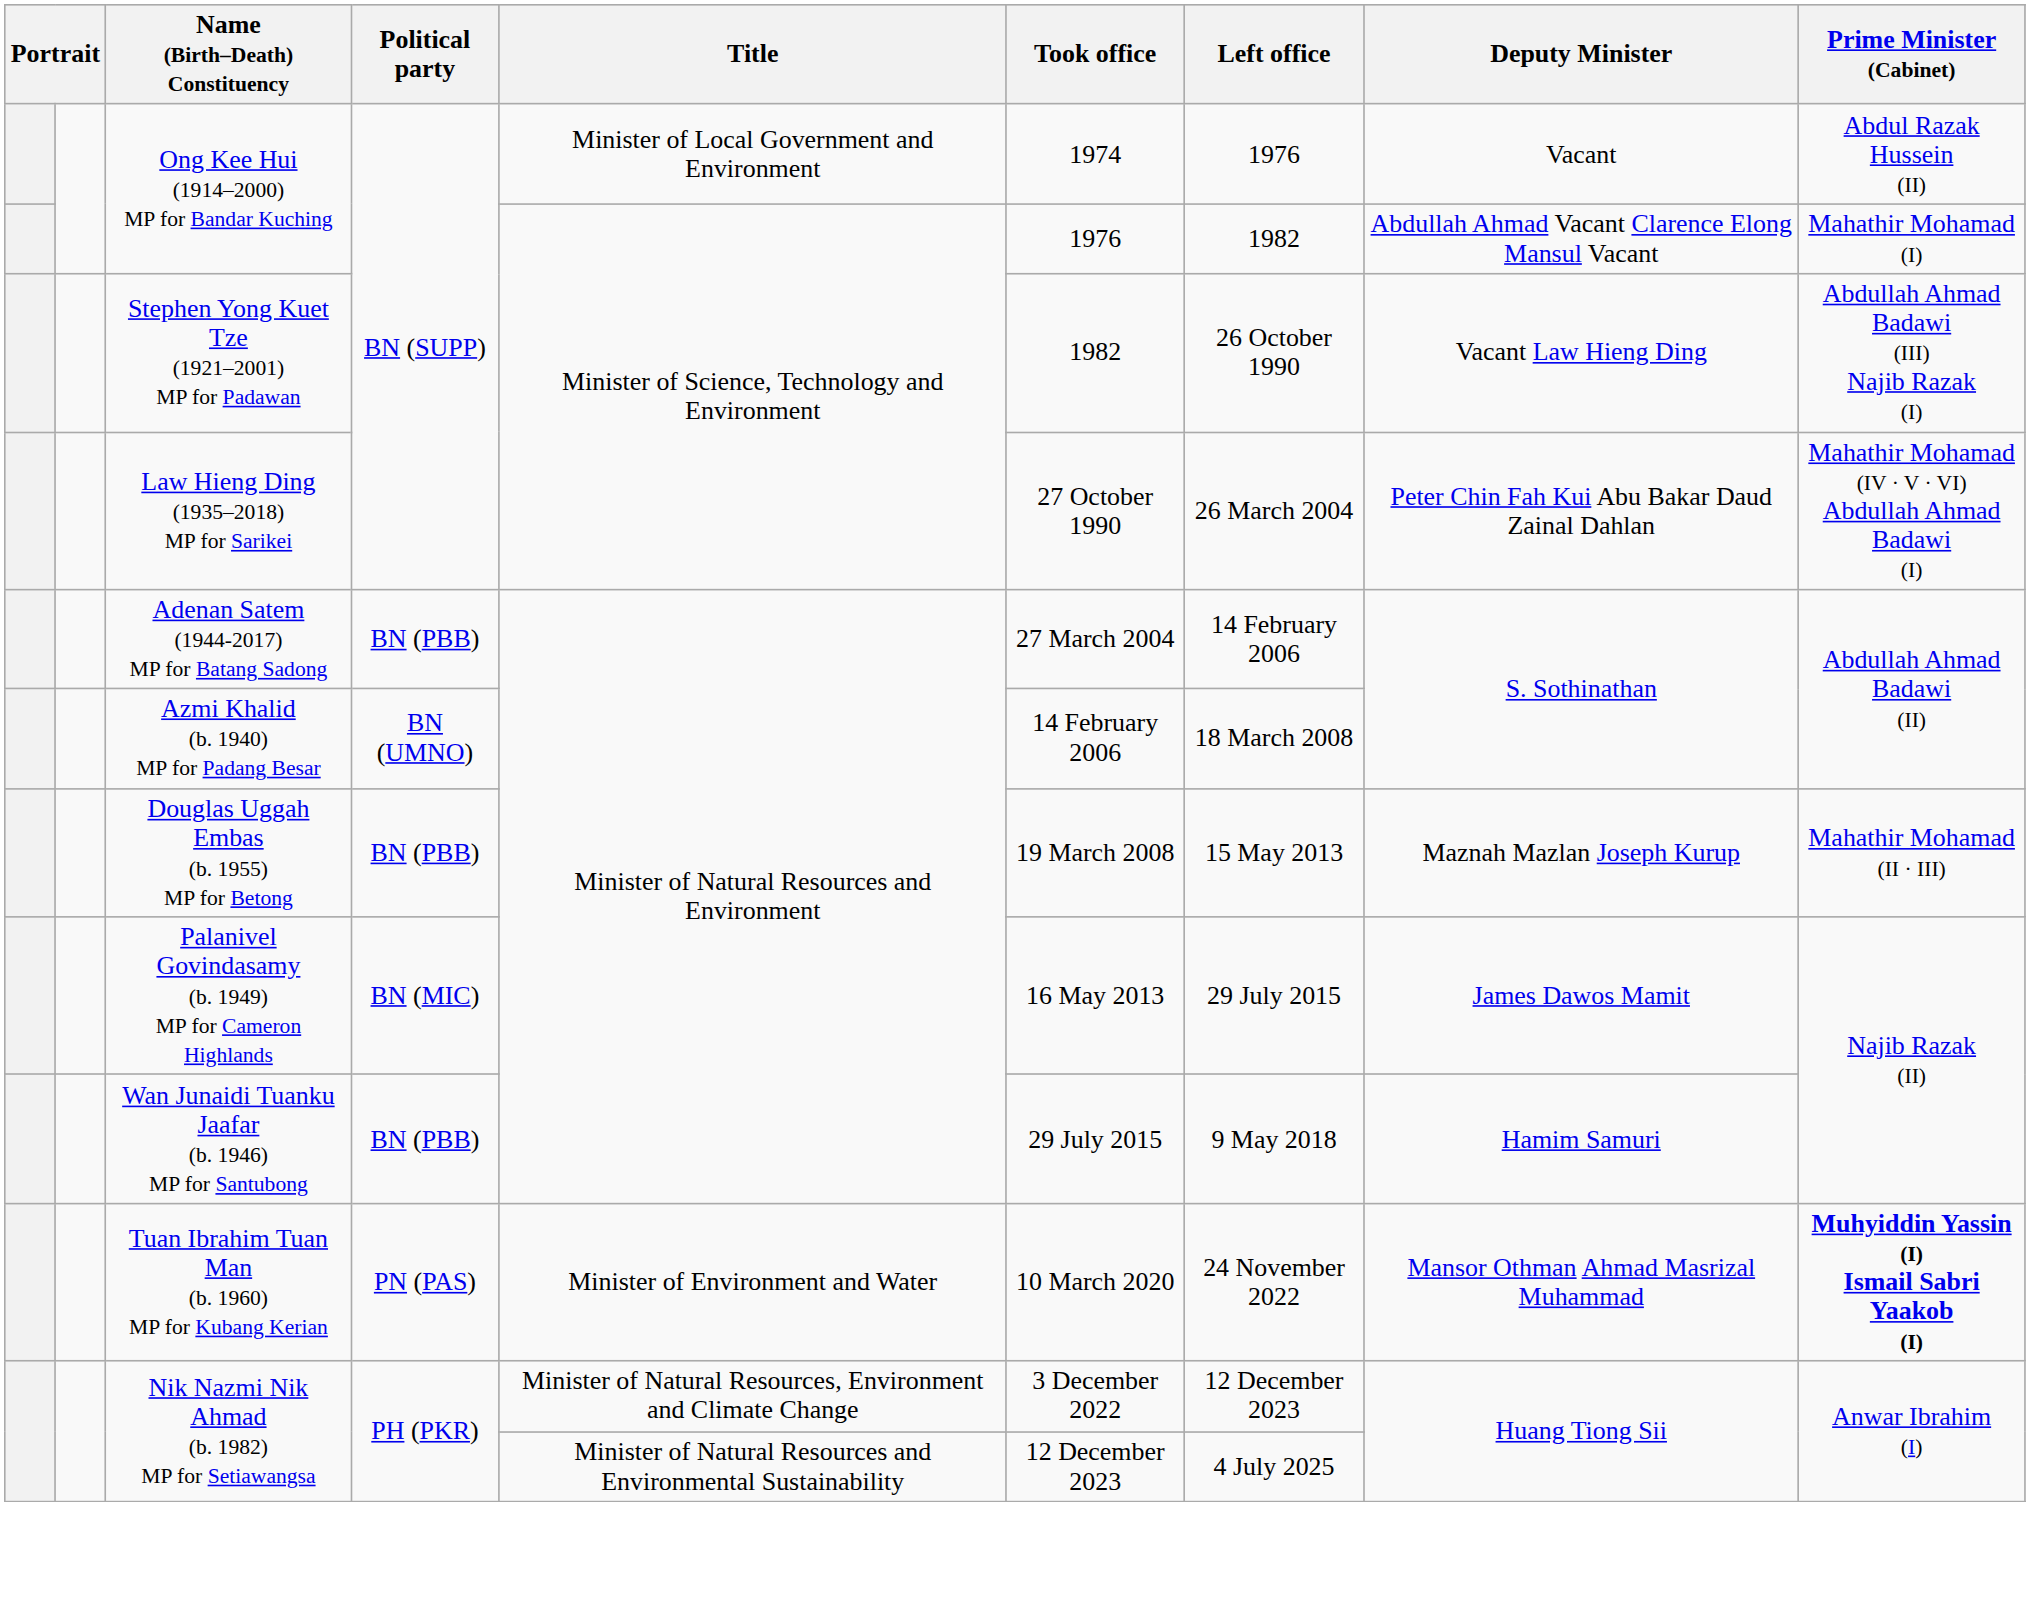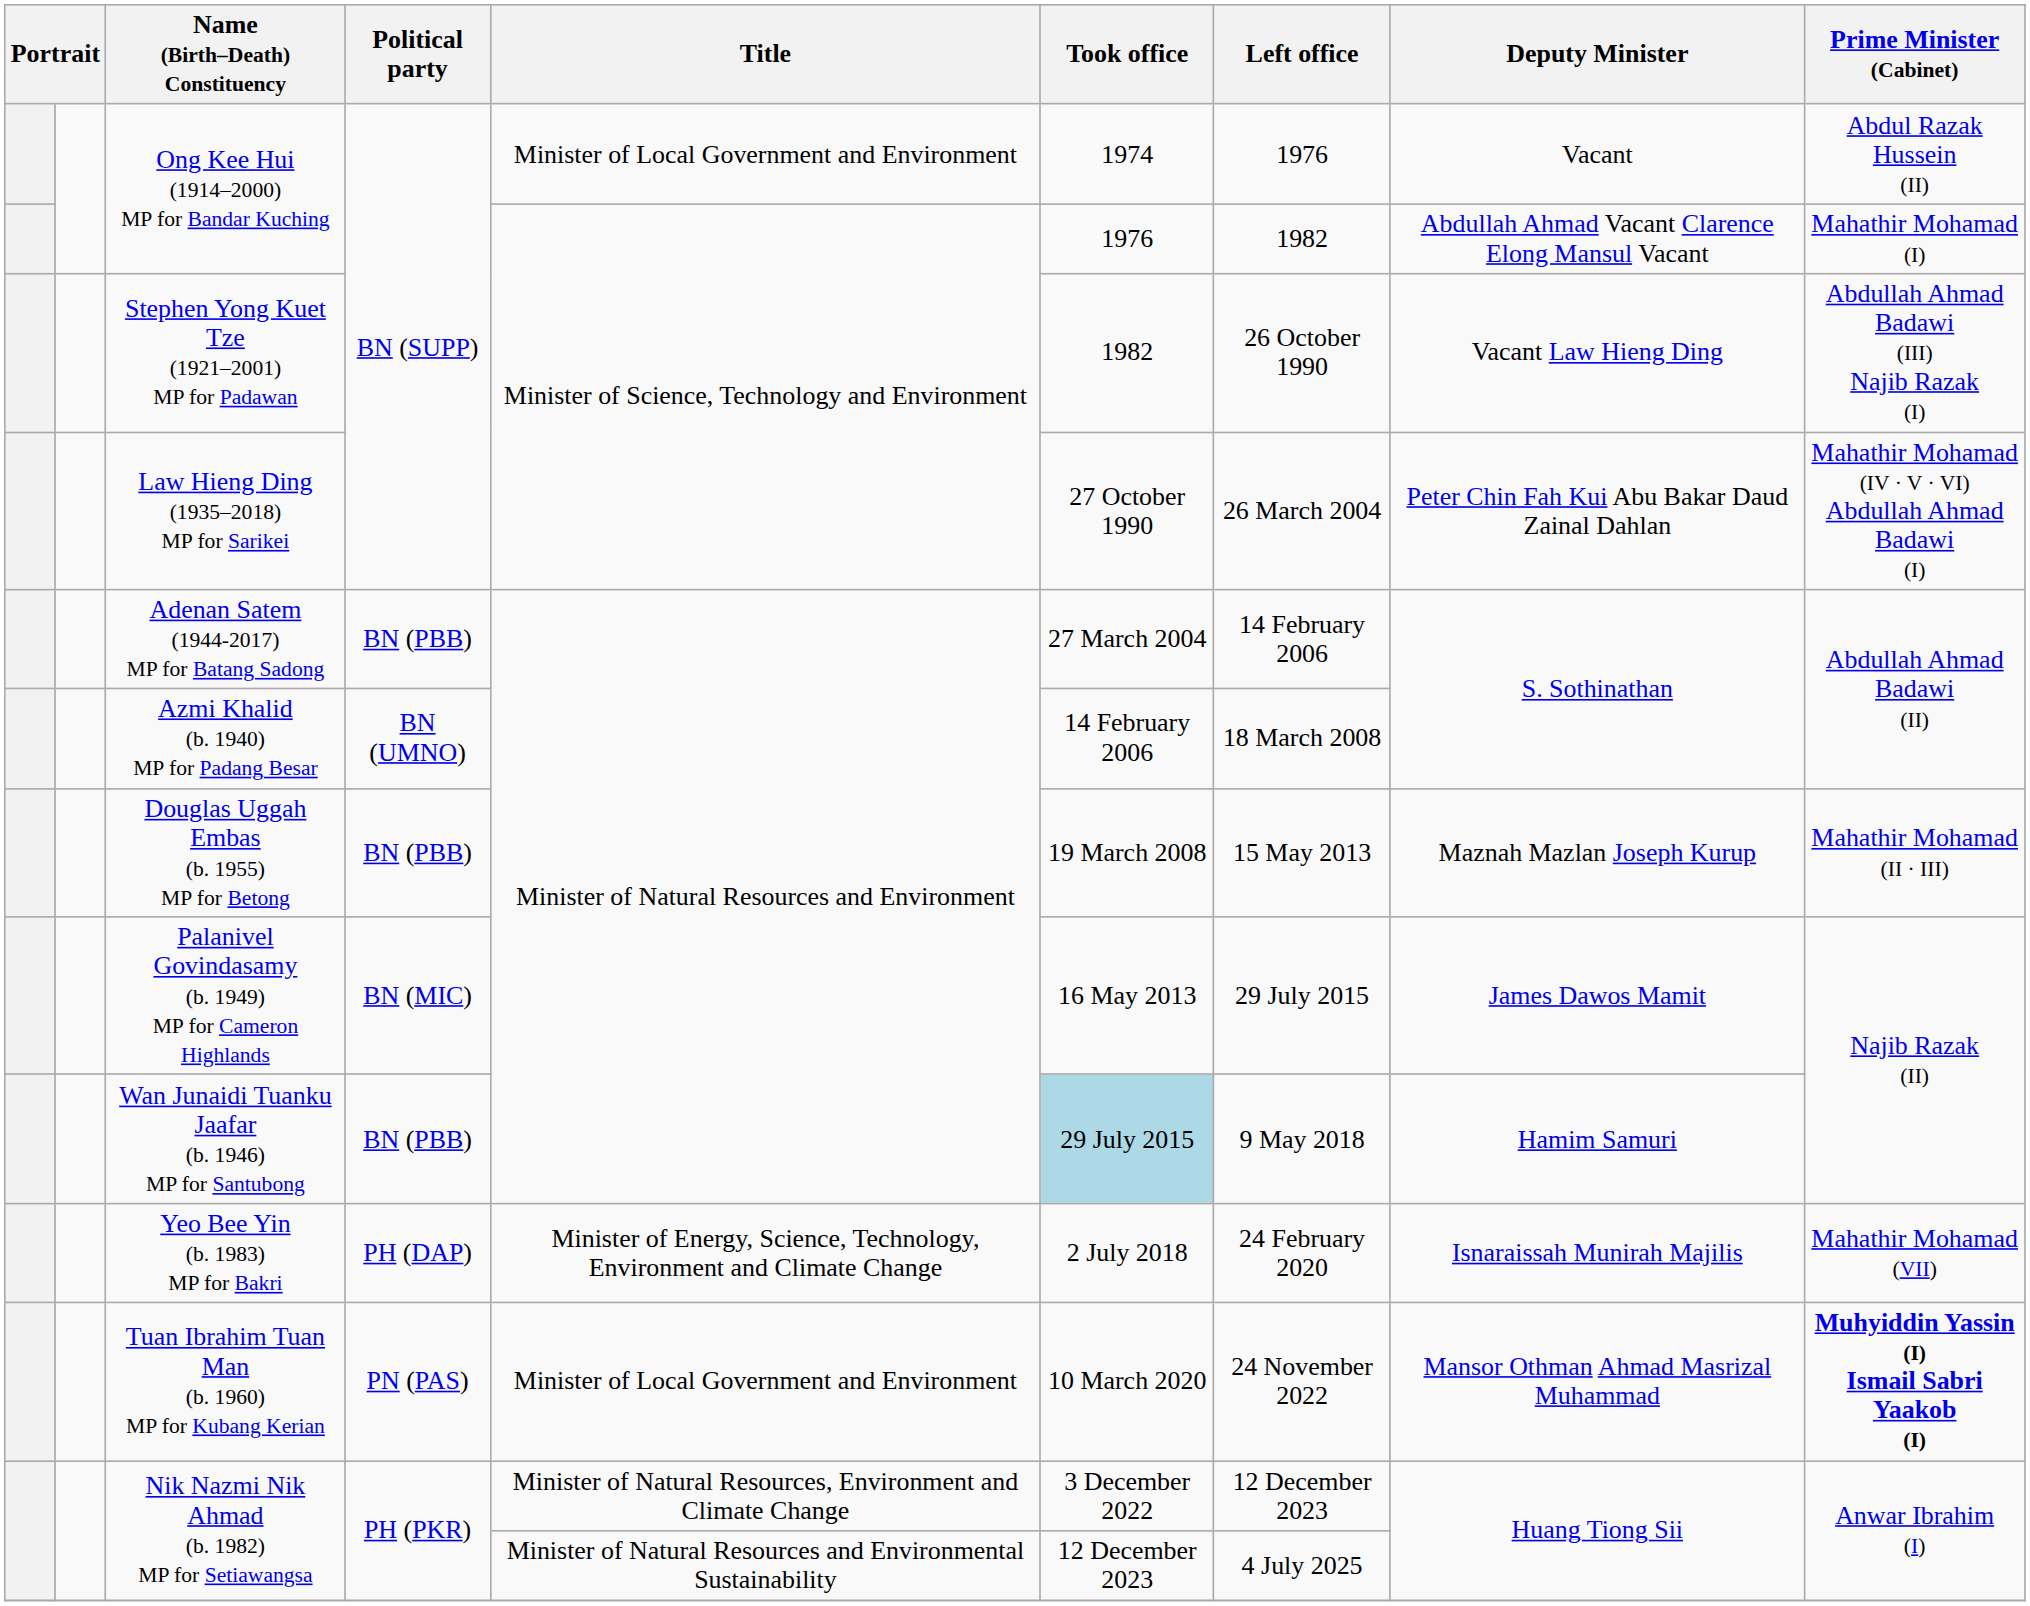 <table class="wikitable" style="text-align:center;">
 <tr>
 <th colspan=2>Portrait</th>
 <th>Name<br><small>(Birth–Death)<br>Constituency</small></th>
 <th>Political party</th>
 <th>Title</th>
 <th>Took office</th>
 <th>Left office</th>
 <th>Deputy Minister</th>
 <th><a href='#'>Prime Minister</a><br><small>(Cabinet)</small></th>
 </tr>
 <tr>
 <th style="background:"></th>
 <td rowspan=2></td>
 <td rowspan=2><a href='#'>Ong Kee Hui</a><br><small>(1914–2000)<br>MP for <a href='#'>Bandar Kuching</a></small></td>
 <td rowspan=4><a href='#'>BN</a> (<a href='#'>SUPP</a>)</td>
 <td>Minister of Local Government and Environment</td>
 <td>1974</td>
 <td>1976</td>
 <td>Vacant</td>
 <td><a href='#'>Abdul Razak Hussein</a><br><small>(II)</small></td>
 </tr>
 <tr>
 <th style="background:"></th>
 <td rowspan=3>Minister of Science, Technology and Environment</td>
 <td>1976</td>
 <td>1982</td>
 <td><a href='#'>Abdullah Ahmad</a>  Vacant  <a href='#'>Clarence Elong Mansul</a>  Vacant </td>
 <td><a href='#'>Mahathir Mohamad</a><br><small>(I)</small></td>
 </tr>
 <tr>
 <th style="background:"></th>
 <td></td>
 <td><a href='#'>Stephen Yong Kuet Tze</a><br><small>(1921–2001)<br>MP for <a href='#'>Padawan</a></small></td>
 <td>1982</td>
 <td>26 October 1990</td>
 <td>Vacant   <a href='#'>Law Hieng Ding</a> </td>
 <td><a href='#'>Abdullah Ahmad Badawi</a><br><small>(III)</small><br><a href='#'>Najib Razak</a><br><small>(I)</small></td>
 </tr>
 <tr>
 <th style="background:"></th>
 <td></td>
 <td><a href='#'>Law Hieng Ding</a><br><small>(1935–2018)<br>MP for <a href='#'>Sarikei</a></small></td>
 <td>27 October 1990</td>
 <td>26 March 2004</td>
 <td><a href='#'>Peter Chin Fah Kui</a>   Abu Bakar Daud  Zainal Dahlan </td>
 <td><a href='#'>Mahathir Mohamad</a><br><small>(IV · V · VI)</small><br><a href='#'>Abdullah Ahmad Badawi</a><br><small>(I)</small></td>
 </tr>
 <tr>
 <th style="background:"></th>
 <td></td>
 <td><a href='#'>Adenan Satem</a><br><small>(1944-2017)<br>MP for <a href='#'>Batang Sadong</a></small></td>
 <td><a href='#'>BN</a> (<a href='#'>PBB</a>)</td>
 <td rowspan=5>Minister of Natural Resources and Environment</td>
 <td>27 March 2004</td>
 <td>14 February 2006</td>
 <td rowspan="2"><a href='#'>S. Sothinathan</a></td>
 <td rowspan="2"><a href='#'>Abdullah Ahmad Badawi</a><br><small>(II)</small></td>
 </tr>
 <tr>
 <th style="background:"></th>
 <td></td>
 <td><a href='#'>Azmi Khalid</a><br><small>(b. 1940)<br>MP for <a href='#'>Padang Besar</a></small></td>
 <td><a href='#'>BN</a> (<a href='#'>UMNO</a>)</td>
 <td>14 February 2006</td>
 <td>18 March 2008</td>
 </tr>
 <tr>
 <th style="background:"></th>
 <td></td>
 <td><a href='#'>Douglas Uggah Embas</a><br><small>(b. 1955)<br>MP for <a href='#'>Betong</a></small></td>
 <td><a href='#'>BN</a> (<a href='#'>PBB</a>)</td>
 <td>19 March 2008</td>
 <td>15 May 2013</td>
 <td>Maznah Mazlan  <a href='#'>Joseph Kurup</a> </td>
 <td><a href='#'>Mahathir Mohamad</a><br><small>(II · III)</small></td>
 </tr>
 <tr>
 <th style="background:"></th>
 <td></td>
 <td><a href='#'>Palanivel Govindasamy</a><br><small>(b. 1949)<br>MP for <a href='#'>Cameron Highlands</a></small></td>
 <td><a href='#'>BN</a> (<a href='#'>MIC</a>)</td>
 <td>16 May 2013</td>
 <td>29 July 2015</td>
 <td><a href='#'>James Dawos Mamit</a></td>
 <td rowspan="2"><a href='#'>Najib Razak</a><br><small>(II)</small></td>
 </tr>
 <tr>
 <th style="background:"></th>
 <td></td>
 <td><a href='#'>Wan Junaidi Tuanku Jaafar</a><br><small>(b. 1946)<br>MP for <a href='#'>Santubong</a></small></td>
 <td><a href='#'>BN</a> (<a href='#'>PBB</a>)</td>
-<td>29 July 2015</td>
+<td style="background: lightblue;">29 July 2015</td>
 <td>9 May 2018</td>
 <td><a href='#'>Hamim Samuri</a></td>
 </tr>
 <tr>
 <th style="background:"></th>
 <td></td>
+<td><a href='#'>Yeo Bee Yin</a><br><small>(b. 1983)<br>MP for <a href='#'>Bakri</a></small></td>
+<td><a href='#'>PH</a> (<a href='#'>DAP</a>)</td>
+<td>Minister of Energy, Science, Technology, Environment and Climate Change</td>
+<td>2 July 2018</td>
+<td>24 February 2020</td>
+<td><a href='#'>Isnaraissah Munirah Majilis</a></td>
+<td><a href='#'>Mahathir Mohamad</a><br><small>(<a href='#'>VII</a>)</small></td>
+</tr>
+<tr>
+<th style="background:"></th>
+<td></td>
 <td><a href='#'>Tuan Ibrahim Tuan Man</a><br><small>(b. 1960)<br>MP for <a href='#'>Kubang Kerian</a></small></td>
 <td><a href='#'>PN</a> (<a href='#'>PAS</a>)</td>
-<td>Minister of Environment and Water</td>
+<td>Minister of Local Government and Environment</td>
 <td>10 March 2020</td>
 <td>24 November 2022</td>
 <td><a href='#'>Mansor Othman</a>   <a href='#'>Ahmad Masrizal Muhammad</a> </td>
 <td><strong><a href='#'>Muhyiddin Yassin</a><br><small>(I)</small><br><a href='#'>Ismail Sabri Yaakob</a><br><small>(I)</small></strong></td>
 </tr>
 <tr>
 <th rowspan=2 style="background:"></th>
 <td rowspan="2"></td>
 <td rowspan="2"><a href='#'>Nik Nazmi Nik Ahmad</a><br><small>(b. 1982)<br>MP for <a href='#'>Setiawangsa</a></small></td>
 <td rowspan="2"><a href='#'>PH</a> (<a href='#'>PKR</a>)</td>
 <td>Minister of Natural Resources, Environment and Climate Change</td>
 <td>3 December 2022</td>
 <td>12 December 2023</td>
 <td rowspan="2"><a href='#'>Huang Tiong Sii</a></td>
 <td rowspan="2"><a href='#'>Anwar Ibrahim</a><br><small>(<a href='#'>I</a>)</small></td>
 </tr>
 <tr>
 <td>Minister of Natural Resources and Environmental Sustainability</td>
 <td>12 December 2023</td>
 <td>4 July 2025</td>
 </tr>
 <tr>
 </tr>
 </table>
